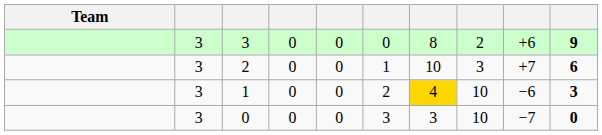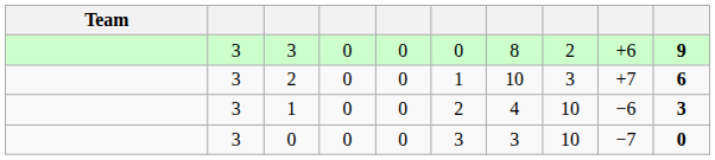 <table class="wikitable" style="text-align:center;">
 <tr>
 <th width=165>Team</th>
 <th width=40></th>
 <th width=40></th>
 <th width=40></th>
 <th width=40></th>
 <th width=40></th>
 <th width=40></th>
 <th width=40></th>
 <th width=40></th>
 <th width=40></th>
 </tr>
 <tr bgcolor=ccffcc>
 <td style="text-align:left;"></td>
 <td>3</td>
 <td>3</td>
 <td>0</td>
 <td>0</td>
 <td>0</td>
 <td>8</td>
 <td>2</td>
 <td>+6</td>
 <td><strong>9</strong></td>
 </tr>
 <tr>
 <td style="text-align:left;"></td>
 <td>3</td>
 <td>2</td>
 <td>0</td>
 <td>0</td>
 <td>1</td>
 <td>10</td>
 <td>3</td>
 <td>+7</td>
 <td><strong>6</strong></td>
 </tr>
 <tr>
 <td style="text-align:left;"></td>
 <td>3</td>
 <td>1</td>
 <td>0</td>
 <td>0</td>
 <td>2</td>
-<td style="background: gold;">4</td>
+<td>4</td>
 <td>10</td>
 <td>−6</td>
 <td><strong>3</strong></td>
 </tr>
 <tr>
 <td style="text-align:left;"></td>
 <td>3</td>
 <td>0</td>
 <td>0</td>
 <td>0</td>
 <td>3</td>
 <td>3</td>
 <td>10</td>
 <td>−7</td>
 <td><strong>0</strong></td>
 </tr>
 </table>
